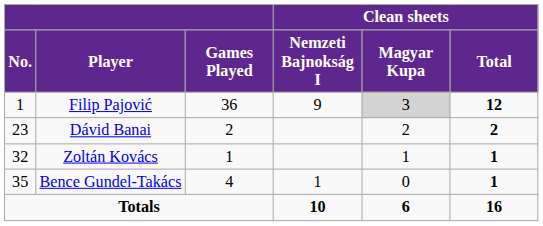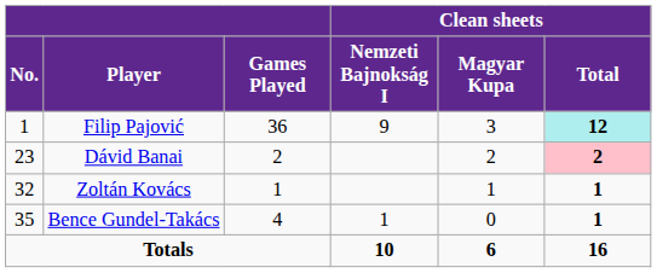 <table class="wikitable sortable alternance" style="text-align:center">
 <tr>
 <th colspan="3" style="background:#5E278E"></th>
 <th colspan="4" style="background:#5E278E;color:white">Clean sheets</th>
 </tr>
 <tr>
 <th style="background-color:#5E278E;color:white">No.</th>
 <th style="background-color:#5E278E;color:white">Player</th>
 <th width=80 style="background-color:#5E278E;color:white">Games Played</th>
 <th width=80 style="background-color:#5E278E;color:white">Nemzeti Bajnokság I</th>
 <th width=80 style="background-color:#5E278E;color:white">Magyar Kupa</th>
 <th width=80 style="background-color:#5E278E;color:white">Total</th>
 </tr>
 <tr>
 <td>1</td>
 <td> <a href='#'>Filip Pajović</a></td>
 <td>36</td>
 <td>9</td>
-<td style="background: lightgrey;">3</td>
-<td><strong>12</strong></td>
+<td>3</td>
+<td style="background: paleturquoise;"><strong>12</strong></td>
 </tr>
 <tr>
 <td>23</td>
 <td> <a href='#'>Dávid Banai</a></td>
 <td>2</td>
 <td></td>
 <td>2</td>
-<td><strong>2</strong></td>
+<td style="background: pink;"><strong>2</strong></td>
 </tr>
 <tr>
 <td>32</td>
 <td> <a href='#'>Zoltán Kovács</a></td>
 <td>1</td>
 <td></td>
 <td>1</td>
 <td><strong>1</strong></td>
 </tr>
 <tr>
 <td>35</td>
 <td> <a href='#'>Bence Gundel-Takács</a></td>
 <td>4</td>
 <td>1</td>
 <td>0</td>
 <td><strong>1</strong></td>
 </tr>
 <tr class="sortbottom">
 <td colspan="3"><strong>Totals</strong></td>
 <td><strong>10</strong></td>
 <td><strong>6</strong></td>
 <td><strong>16</strong></td>
 </tr>
 </table>
